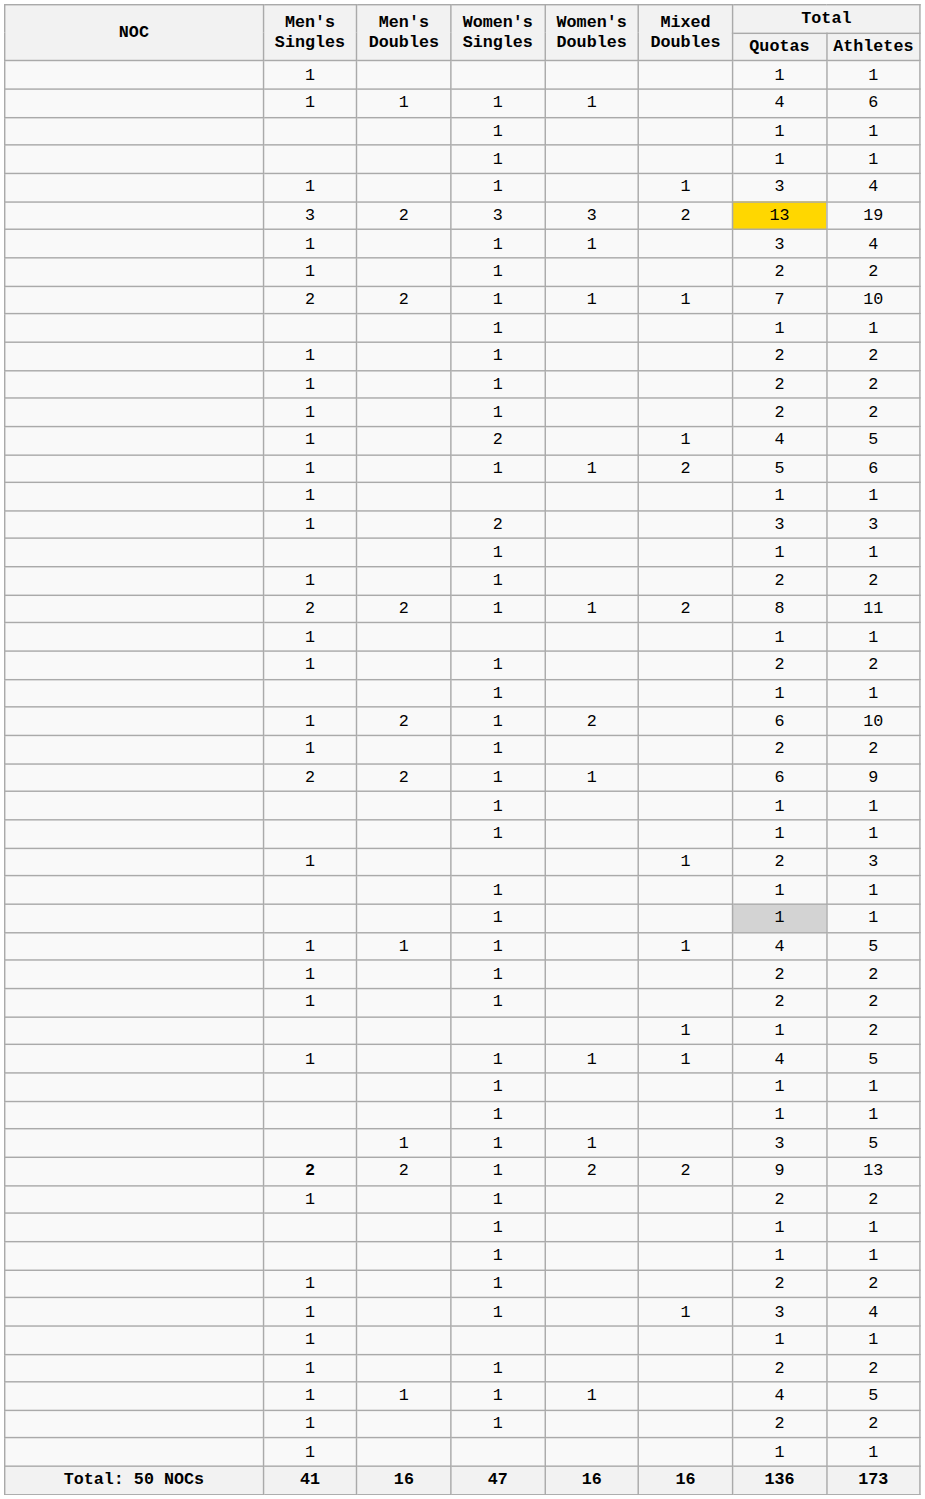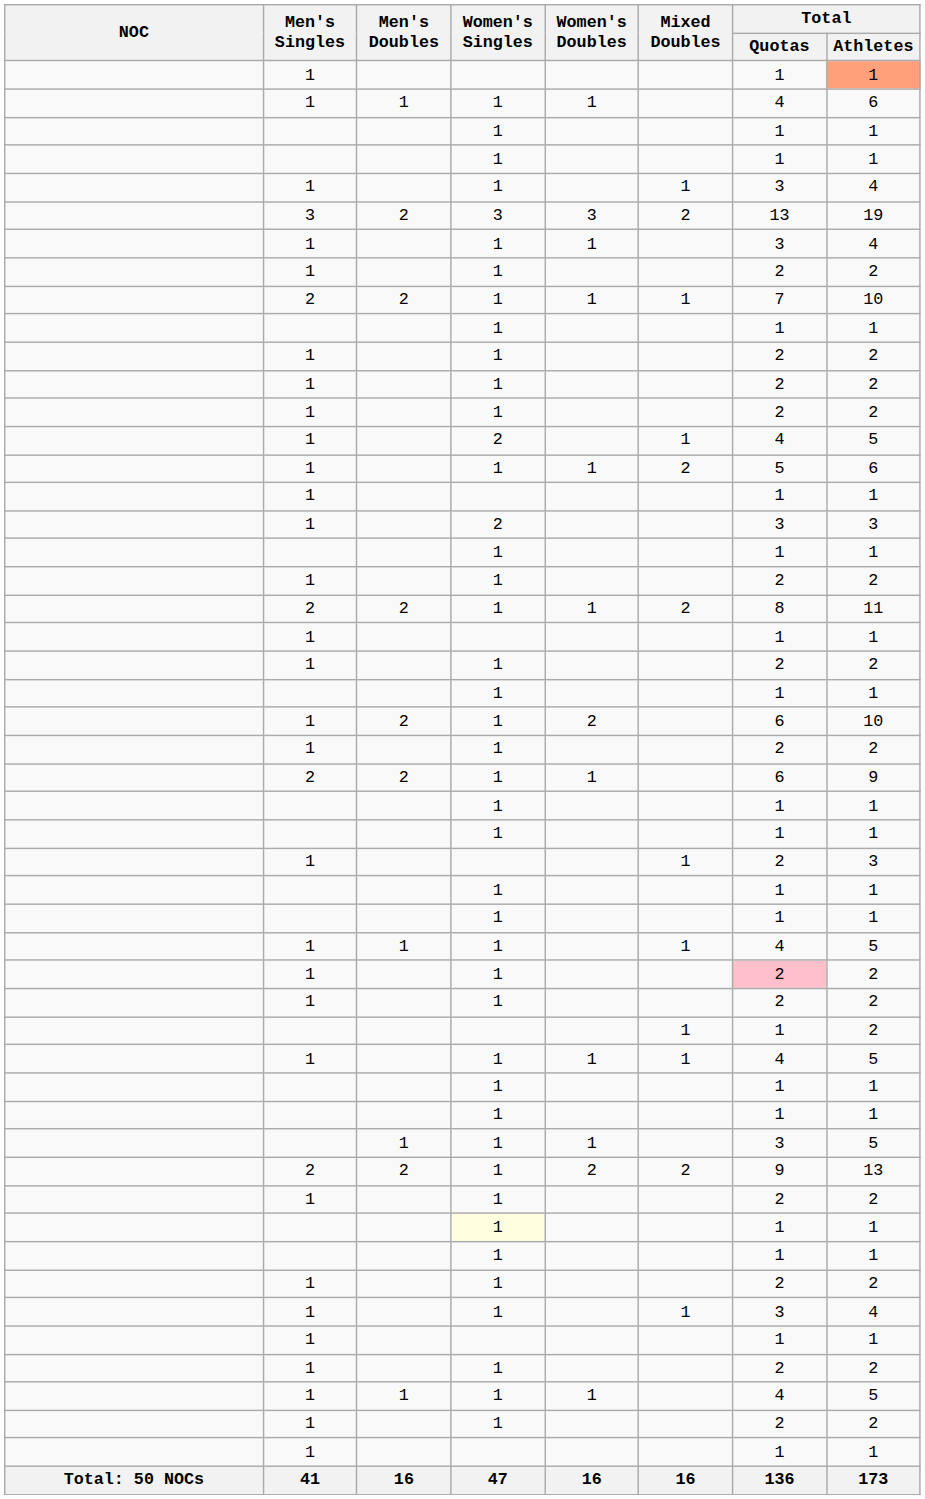 <table class="wikitable" style="text-align:center; font-size:90%">
 <tr>
 <th rowspan="2" width=175>NOC</th>
 <th rowspan="2" width=60>Men's <br>Singles</th>
 <th rowspan="2" width=60>Men's <br>Doubles</th>
 <th rowspan="2" width=60>Women's <br>Singles</th>
 <th rowspan="2" width=60>Women's <br>Doubles</th>
 <th rowspan="2" width=60>Mixed <br>Doubles</th>
 <th colspan="2">Total</th>
 </tr>
 <tr>
 <th width=60>Quotas</th>
 <th width=60>Athletes</th>
 </tr>
 <tr>
 <td align=left></td>
 <td>1</td>
 <td></td>
 <td></td>
 <td></td>
 <td></td>
 <td>1</td>
-<td>1</td>
+<td style="background: lightsalmon;">1</td>
 </tr>
 <tr>
 <td align=left></td>
 <td>1</td>
 <td>1</td>
 <td>1</td>
 <td>1</td>
 <td></td>
 <td>4</td>
 <td>6</td>
 </tr>
 <tr>
 <td align=left></td>
 <td></td>
 <td></td>
 <td>1</td>
 <td></td>
 <td></td>
 <td>1</td>
 <td>1</td>
 </tr>
 <tr>
 <td align=left></td>
 <td></td>
 <td></td>
 <td>1</td>
 <td></td>
 <td></td>
 <td>1</td>
 <td>1</td>
 </tr>
 <tr>
 <td align=left></td>
 <td>1</td>
 <td></td>
 <td>1</td>
 <td></td>
 <td>1</td>
 <td>3</td>
 <td>4</td>
 </tr>
 <tr>
 <td align=left></td>
 <td>3</td>
 <td>2</td>
 <td>3</td>
 <td>3</td>
 <td>2</td>
-<td style="background: gold;">13</td>
+<td>13</td>
 <td>19</td>
 </tr>
 <tr>
 <td align=left></td>
 <td>1</td>
 <td></td>
 <td>1</td>
 <td>1</td>
 <td></td>
 <td>3</td>
 <td>4</td>
 </tr>
 <tr>
 <td align=left></td>
 <td>1</td>
 <td></td>
 <td>1</td>
 <td></td>
 <td></td>
 <td>2</td>
 <td>2</td>
 </tr>
 <tr>
 <td align=left></td>
 <td>2</td>
 <td>2</td>
 <td>1</td>
 <td>1</td>
 <td>1</td>
 <td>7</td>
 <td>10</td>
 </tr>
 <tr>
 <td align=left></td>
 <td></td>
 <td></td>
 <td>1</td>
 <td></td>
 <td></td>
 <td>1</td>
 <td>1</td>
 </tr>
 <tr>
 <td align=left></td>
 <td>1</td>
 <td></td>
 <td>1</td>
 <td></td>
 <td></td>
 <td>2</td>
 <td>2</td>
 </tr>
 <tr>
 <td align=left></td>
 <td>1</td>
 <td></td>
 <td>1</td>
 <td></td>
 <td></td>
 <td>2</td>
 <td>2</td>
 </tr>
 <tr>
 <td align=left></td>
 <td>1</td>
 <td></td>
 <td>1</td>
 <td></td>
 <td></td>
 <td>2</td>
 <td>2</td>
 </tr>
 <tr>
 <td align=left></td>
 <td>1</td>
 <td></td>
 <td>2</td>
 <td></td>
 <td>1</td>
 <td>4</td>
 <td>5</td>
 </tr>
 <tr>
 <td align=left></td>
 <td>1</td>
 <td></td>
 <td>1</td>
 <td>1</td>
 <td>2</td>
 <td>5</td>
 <td>6</td>
 </tr>
 <tr>
 <td align=left></td>
 <td>1</td>
 <td></td>
 <td></td>
 <td></td>
 <td></td>
 <td>1</td>
 <td>1</td>
 </tr>
 <tr>
 <td align=left></td>
 <td>1</td>
 <td></td>
 <td>2</td>
 <td></td>
 <td></td>
 <td>3</td>
 <td>3</td>
 </tr>
 <tr>
 <td align=left></td>
 <td></td>
 <td></td>
 <td>1</td>
 <td></td>
 <td></td>
 <td>1</td>
 <td>1</td>
 </tr>
 <tr>
 <td align=left></td>
 <td>1</td>
 <td></td>
 <td>1</td>
 <td></td>
 <td></td>
 <td>2</td>
 <td>2</td>
 </tr>
 <tr>
 <td align=left></td>
 <td>2</td>
 <td>2</td>
 <td>1</td>
 <td>1</td>
 <td>2</td>
 <td>8</td>
 <td>11</td>
 </tr>
 <tr>
 <td align=left></td>
 <td>1</td>
 <td></td>
 <td></td>
 <td></td>
 <td></td>
 <td>1</td>
 <td>1</td>
 </tr>
 <tr>
 <td align=left></td>
 <td>1</td>
 <td></td>
 <td>1</td>
 <td></td>
 <td></td>
 <td>2</td>
 <td>2</td>
 </tr>
 <tr>
 <td align=left></td>
 <td></td>
 <td></td>
 <td>1</td>
 <td></td>
 <td></td>
 <td>1</td>
 <td>1</td>
 </tr>
 <tr>
 <td align=left></td>
 <td>1</td>
 <td>2</td>
 <td>1</td>
 <td>2</td>
 <td></td>
 <td>6</td>
 <td>10</td>
 </tr>
 <tr>
 <td align=left></td>
 <td>1</td>
 <td></td>
 <td>1</td>
 <td></td>
 <td></td>
 <td>2</td>
 <td>2</td>
 </tr>
 <tr>
 <td align=left></td>
 <td>2</td>
 <td>2</td>
 <td>1</td>
 <td>1</td>
 <td></td>
 <td>6</td>
 <td>9</td>
 </tr>
 <tr>
 <td align=left></td>
 <td></td>
 <td></td>
 <td>1</td>
 <td></td>
 <td></td>
 <td>1</td>
 <td>1</td>
 </tr>
 <tr>
 <td align=left></td>
 <td></td>
 <td></td>
 <td>1</td>
 <td></td>
 <td></td>
 <td>1</td>
 <td>1</td>
 </tr>
 <tr>
 <td align=left></td>
 <td>1</td>
 <td></td>
 <td></td>
 <td></td>
 <td>1</td>
 <td>2</td>
 <td>3</td>
 </tr>
 <tr>
 <td align=left></td>
 <td></td>
 <td></td>
 <td>1</td>
 <td></td>
 <td></td>
 <td>1</td>
 <td>1</td>
 </tr>
 <tr>
 <td align=left></td>
 <td></td>
 <td></td>
 <td>1</td>
 <td></td>
 <td></td>
-<td style="background: lightgrey;">1</td>
+<td>1</td>
 <td>1</td>
 </tr>
 <tr>
 <td align=left></td>
 <td>1</td>
 <td>1</td>
 <td>1</td>
 <td></td>
 <td>1</td>
 <td>4</td>
 <td>5</td>
 </tr>
 <tr>
 <td align=left></td>
 <td>1</td>
 <td></td>
 <td>1</td>
 <td></td>
 <td></td>
-<td>2</td>
+<td style="background: pink;">2</td>
 <td>2</td>
 </tr>
 <tr>
 <td align=left></td>
 <td>1</td>
 <td></td>
 <td>1</td>
 <td></td>
 <td></td>
 <td>2</td>
 <td>2</td>
 </tr>
 <tr>
 <td align=left></td>
 <td></td>
 <td></td>
 <td></td>
 <td></td>
 <td>1</td>
 <td>1</td>
 <td>2</td>
 </tr>
 <tr>
 <td align=left></td>
 <td>1</td>
 <td></td>
 <td>1</td>
 <td>1</td>
 <td>1</td>
 <td>4</td>
 <td>5</td>
 </tr>
 <tr>
 <td align=left></td>
 <td></td>
 <td></td>
 <td>1</td>
 <td></td>
 <td></td>
 <td>1</td>
 <td>1</td>
 </tr>
 <tr>
 <td align=left></td>
 <td></td>
 <td></td>
 <td>1</td>
 <td></td>
 <td></td>
 <td>1</td>
 <td>1</td>
 </tr>
 <tr>
 <td align=left></td>
 <td></td>
 <td>1</td>
 <td>1</td>
 <td>1</td>
 <td></td>
 <td>3</td>
 <td>5</td>
 </tr>
 <tr>
 <td align=left></td>
-<td><strong>2</strong></td>
+<td>2</td>
 <td>2</td>
 <td>1</td>
 <td>2</td>
 <td>2</td>
 <td>9</td>
 <td>13</td>
 </tr>
 <tr>
 <td align=left></td>
 <td>1</td>
 <td></td>
 <td>1</td>
 <td></td>
 <td></td>
 <td>2</td>
 <td>2</td>
 </tr>
 <tr>
 <td align=left></td>
 <td></td>
 <td></td>
-<td>1</td>
+<td style="background: lightyellow;">1</td>
 <td></td>
 <td></td>
 <td>1</td>
 <td>1</td>
 </tr>
 <tr>
 <td align=left></td>
 <td></td>
 <td></td>
 <td>1</td>
 <td></td>
 <td></td>
 <td>1</td>
 <td>1</td>
 </tr>
 <tr>
 <td align=left></td>
 <td>1</td>
 <td></td>
 <td>1</td>
 <td></td>
 <td></td>
 <td>2</td>
 <td>2</td>
 </tr>
 <tr>
 <td align=left></td>
 <td>1</td>
 <td></td>
 <td>1</td>
 <td></td>
 <td>1</td>
 <td>3</td>
 <td>4</td>
 </tr>
 <tr>
 <td align=left></td>
 <td>1</td>
 <td></td>
 <td></td>
 <td></td>
 <td></td>
 <td>1</td>
 <td>1</td>
 </tr>
 <tr>
 <td align=left></td>
 <td>1</td>
 <td></td>
 <td>1</td>
 <td></td>
 <td></td>
 <td>2</td>
 <td>2</td>
 </tr>
 <tr>
 <td align=left></td>
 <td>1</td>
 <td>1</td>
 <td>1</td>
 <td>1</td>
 <td></td>
 <td>4</td>
 <td>5</td>
 </tr>
 <tr>
 <td align=left></td>
 <td>1</td>
 <td></td>
 <td>1</td>
 <td></td>
 <td></td>
 <td>2</td>
 <td>2</td>
 </tr>
 <tr>
 <td align=left></td>
 <td>1</td>
 <td></td>
 <td></td>
 <td></td>
 <td></td>
 <td>1</td>
 <td>1</td>
 </tr>
 <tr>
 <th>Total: 50 NOCs</th>
 <th>41</th>
 <th>16</th>
 <th>47</th>
 <th>16</th>
 <th>16</th>
 <th>136</th>
 <th>173</th>
 </tr>
 </table>
